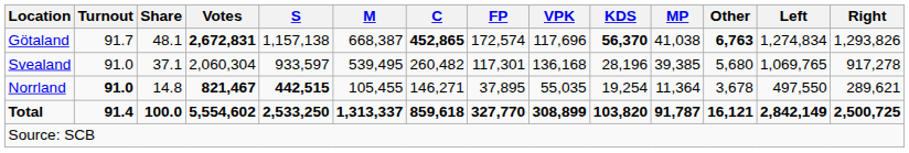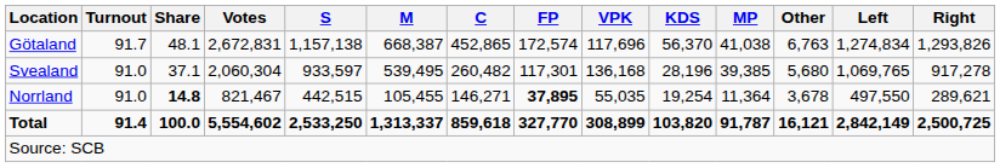 <table class="wikitable sortable" style=text-align:right>
 <tr>
 <th>Location</th>
 <th>Turnout</th>
 <th>Share</th>
 <th>Votes</th>
 <th><a href='#'>S</a></th>
 <th><a href='#'>M</a></th>
 <th><a href='#'>C</a></th>
 <th><a href='#'>FP</a></th>
 <th><a href='#'>VPK</a></th>
 <th><a href='#'>KDS</a></th>
 <th><a href='#'>MP</a></th>
 <th>Other</th>
 <th>Left</th>
 <th>Right</th>
 </tr>
 <tr>
 <td align=left><a href='#'>Götaland</a></td>
 <td>91.7</td>
 <td>48.1</td>
-<td><strong>2,672,831</strong></td>
+<td>2,672,831</td>
 <td>1,157,138</td>
 <td>668,387</td>
-<td><strong>452,865</strong></td>
+<td>452,865</td>
 <td>172,574</td>
 <td>117,696</td>
-<td><strong>56,370</strong></td>
+<td>56,370</td>
 <td>41,038</td>
-<td><strong>6,763</strong></td>
+<td>6,763</td>
 <td>1,274,834</td>
 <td>1,293,826</td>
 </tr>
 <tr>
 <td align=left><a href='#'>Svealand</a></td>
 <td>91.0</td>
 <td>37.1</td>
 <td>2,060,304</td>
 <td>933,597</td>
 <td>539,495</td>
 <td>260,482</td>
 <td>117,301</td>
 <td>136,168</td>
 <td>28,196</td>
 <td>39,385</td>
 <td>5,680</td>
 <td>1,069,765</td>
 <td>917,278</td>
 </tr>
 <tr>
 <td align=left><a href='#'>Norrland</a></td>
-<td><strong>91.0</strong></td>
-<td>14.8</td>
-<td><strong>821,467</strong></td>
-<td><strong>442,515</strong></td>
+<td>91.0</td>
+<td><strong>14.8</strong></td>
+<td>821,467</td>
+<td>442,515</td>
 <td>105,455</td>
 <td>146,271</td>
-<td>37,895</td>
+<td><strong>37,895</strong></td>
 <td>55,035</td>
 <td>19,254</td>
 <td>11,364</td>
 <td>3,678</td>
 <td>497,550</td>
 <td>289,621</td>
 </tr>
 <tr>
 <td align=left><strong>Total</strong></td>
 <td><strong>91.4</strong></td>
 <td><strong>100.0</strong></td>
 <td><strong>5,554,602</strong></td>
 <td><strong>2,533,250</strong></td>
 <td><strong>1,313,337</strong></td>
 <td><strong>859,618</strong></td>
 <td><strong>327,770</strong></td>
 <td><strong>308,899</strong></td>
 <td><strong>103,820</strong></td>
 <td><strong>91,787</strong></td>
 <td><strong>16,121</strong></td>
 <td><strong>2,842,149</strong></td>
 <td><strong>2,500,725</strong></td>
 </tr>
 <tr>
 <td align=left colspan=14>Source: SCB </td>
 </tr>
 </table>
